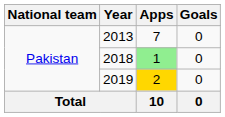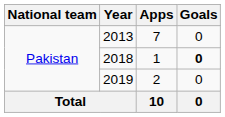 <table class="wikitable" style="text-align:center">
 <tr>
 <th>National team</th>
 <th>Year</th>
 <th>Apps</th>
 <th>Goals</th>
 </tr>
 <tr>
 <td rowspan="3"><a href='#'>Pakistan</a></td>
 <td>2013</td>
 <td>7</td>
 <td>0</td>
 </tr>
 <tr>
 <td>2018</td>
-<td style="background: lightgreen;">1</td>
-<td>0</td>
+<td>1</td>
+<td><strong>0</strong></td>
 </tr>
 <tr>
 <td>2019</td>
-<td style="background: gold;">2</td>
+<td>2</td>
 <td>0</td>
 </tr>
 <tr>
 <th colspan="2">Total</th>
 <th>10</th>
 <th>0</th>
 </tr>
 </table>
